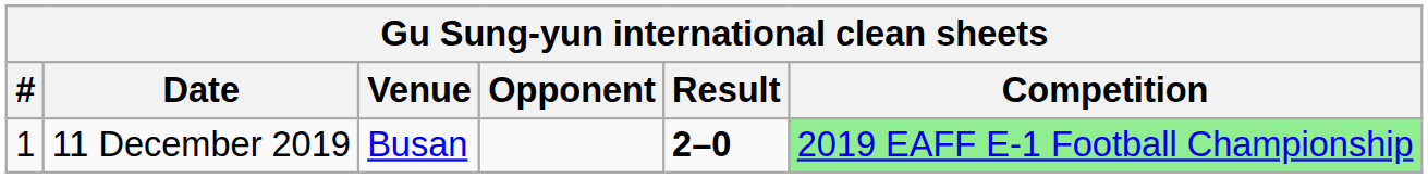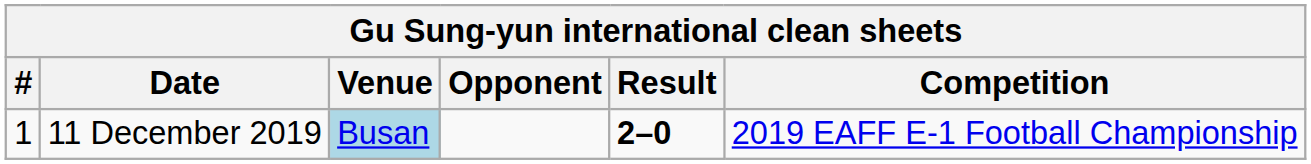 <table class="wikitable collapsible collapsed" style="float:center; border:1px; font-size:90%; margin-left:1em;">
 <tr>
 <th colspan=6 style="width:300px;">Gu Sung-yun international clean sheets</th>
 </tr>
 <tr>
 <th>#</th>
 <th>Date</th>
 <th>Venue</th>
 <th>Opponent</th>
 <th>Result</th>
 <th>Competition</th>
 </tr>
 <tr>
 <td>1</td>
 <td>11 December 2019</td>
-<td><a href='#'>Busan</a></td>
+<td style="background: lightblue;"><a href='#'>Busan</a></td>
 <td></td>
 <td><strong>2–0</strong></td>
-<td style="background: lightgreen;"><a href='#'>2019 EAFF E-1 Football Championship</a></td>
+<td><a href='#'>2019 EAFF E-1 Football Championship</a></td>
 </tr>
 </table>
